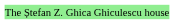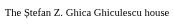 <table align="center" cellpadding=0px cellspacing=8px>
 <tr>
 <td></td>
 <td></td>
 <td></td>
 <td></td>
 </tr>
 <tr>
-<td style="background: lightgreen;"><small>The Ștefan Z. Ghica Ghiculescu house</small></td>
+<td><small>The Ștefan Z. Ghica Ghiculescu house</small></td>
 </tr>
 </table>
